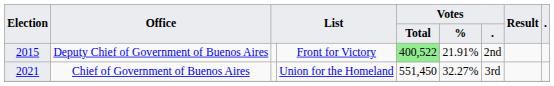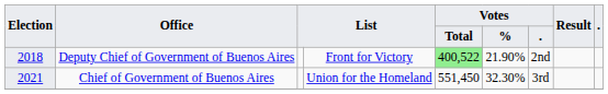 <table class="wikitable" style="font-size:90%; text-align:center;">
 <tr>
 <th style="background-color:#EAECF0;" rowspan=2>Election</th>
 <th style="background-color:#EAECF0;" rowspan=2>Office</th>
 <th style="background-color:#EAECF0;" colspan=2 rowspan=2>List</th>
 <th style="background-color:#EAECF0;" colspan=3>Votes</th>
 <th style="background-color:#EAECF0;" rowspan=2>Result</th>
 <th style="background-color:#EAECF0;" rowspan=2>.</th>
 </tr>
 <tr>
 <th style="background-color:#EAECF0;">Total</th>
 <th style="background-color:#EAECF0;">%</th>
 <th style="background-color:#EAECF0;">.</th>
 </tr>
 <tr>
-<td style="background-color:#EAECF0;"><a href='#'>2015</a></td>
+<td style="background-color:#EAECF0;"><a href='#'>2018</a></td>
 <td><a href='#'>Deputy Chief of Government of Buenos Aires</a></td>
 <td style="background-color:"></td>
 <td><a href='#'>Front for Victory</a></td>
 <td style="background: lightgreen;">400,522</td>
-<td>21.91%</td>
+<td>21.90%</td>
 <td>2nd</td>
 <td></td>
 <td></td>
 </tr>
 <tr>
 <td style="background-color:#EAECF0;"><a href='#'>2021</a></td>
 <td><a href='#'>Chief of Government of Buenos Aires</a></td>
 <td style="background-color:"></td>
 <td><a href='#'>Union for the Homeland</a></td>
 <td>551,450</td>
-<td>32.27%</td>
+<td>32.30%</td>
 <td>3rd</td>
 <td></td>
 <td></td>
 </tr>
 <tr>
 </tr>
 </table>
